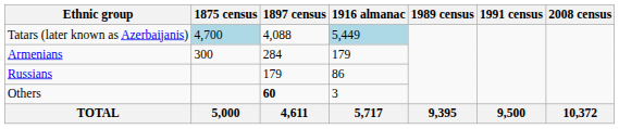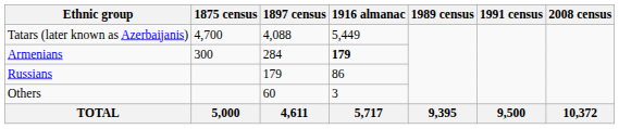 <table class="wikitable sortable">
 <tr>
 <th>Ethnic group</th>
 <th>1875 census</th>
 <th>1897 census</th>
 <th>1916 almanac</th>
 <th>1989 census</th>
 <th>1991 census</th>
 <th>2008 census</th>
 </tr>
 <tr>
 <td>Tatars (later known as <a href='#'>Azerbaijanis</a>)</td>
-<td style="background: lightblue;">4,700</td>
+<td>4,700</td>
 <td>4,088</td>
-<td style="background: lightblue;">5,449</td>
+<td>5,449</td>
 <td rowspan="4"></td>
 <td rowspan="4"></td>
 <td rowspan="4"></td>
 </tr>
 <tr>
 <td><a href='#'>Armenians</a></td>
 <td>300</td>
 <td>284</td>
-<td>179</td>
+<td><strong>179</strong></td>
 </tr>
 <tr>
 <td><a href='#'>Russians</a></td>
 <td></td>
 <td>179</td>
 <td>86</td>
 </tr>
 <tr>
 <td>Others</td>
 <td></td>
-<td><strong>60</strong></td>
+<td>60</td>
 <td>3</td>
 </tr>
 <tr>
 <th>TOTAL</th>
 <th>5,000</th>
 <th>4,611</th>
 <th>5,717</th>
 <th>9,395</th>
 <th>9,500</th>
 <th>10,372</th>
 </tr>
 </table>
